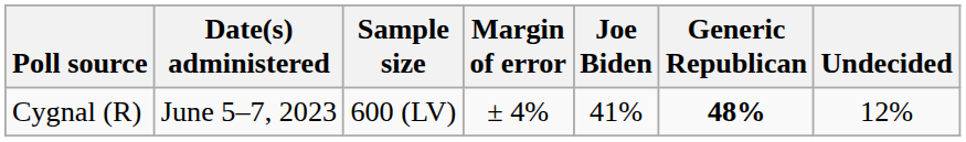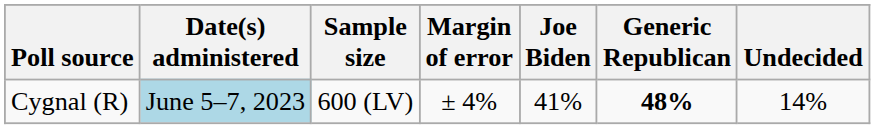 <table class="wikitable sortable mw-datatable" style="font-size:90%;text-align:center;line-height:17px">
 <tr valign=bottom>
 <th>Poll source</th>
 <th>Date(s)<br>administered</th>
 <th>Sample<br>size</th>
 <th>Margin<br>of error</th>
 <th class="unsortable">Joe<br>Biden<br></th>
 <th class="unsortable">Generic<br>Republican</th>
 <th class="unsortable">Undecided</th>
 </tr>
 <tr>
 <td style="text-align:left;">Cygnal (R)</td>
-<td data-sort-value=2023-04-27>June 5–7, 2023</td>
+<td data-sort-value=2023-04-27 style="background: lightblue;">June 5–7, 2023</td>
 <td>600 (LV)</td>
 <td>± 4%</td>
 <td>41%</td>
 <td style="background-color:"><strong>48%</strong></td>
-<td>12%</td>
+<td>14%</td>
 </tr>
 </table>
